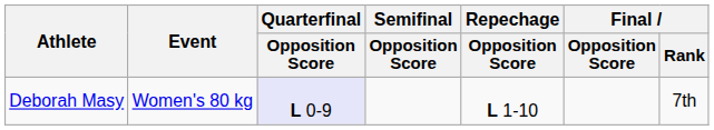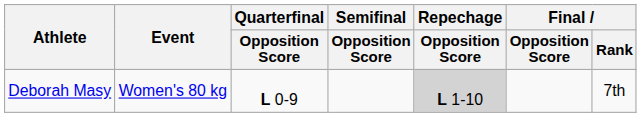 <table class="wikitable" style="font-size:90%">
 <tr>
 <th rowspan="2">Athlete</th>
 <th rowspan="2">Event</th>
 <th>Quarterfinal</th>
 <th>Semifinal</th>
 <th>Repechage</th>
 <th colspan=2>Final / </th>
 </tr>
 <tr style="font-size:95%">
 <th>Opposition <br> Score</th>
 <th>Opposition <br> Score</th>
 <th>Opposition <br> Score</th>
 <th>Opposition <br> Score</th>
 <th>Rank</th>
 </tr>
 <tr align=center>
 <td align=left><a href='#'>Deborah Masy</a></td>
 <td align=left><a href='#'>Women's 80 kg</a></td>
-<td style="background: lavender;"><br><strong>L</strong> 0-9</td>
+<td><br><strong>L</strong> 0-9</td>
 <td></td>
-<td><br><strong>L</strong> 1-10</td>
+<td style="background: lightgrey;"><br><strong>L</strong> 1-10</td>
 <td></td>
 <td>7th</td>
 </tr>
 </table>
